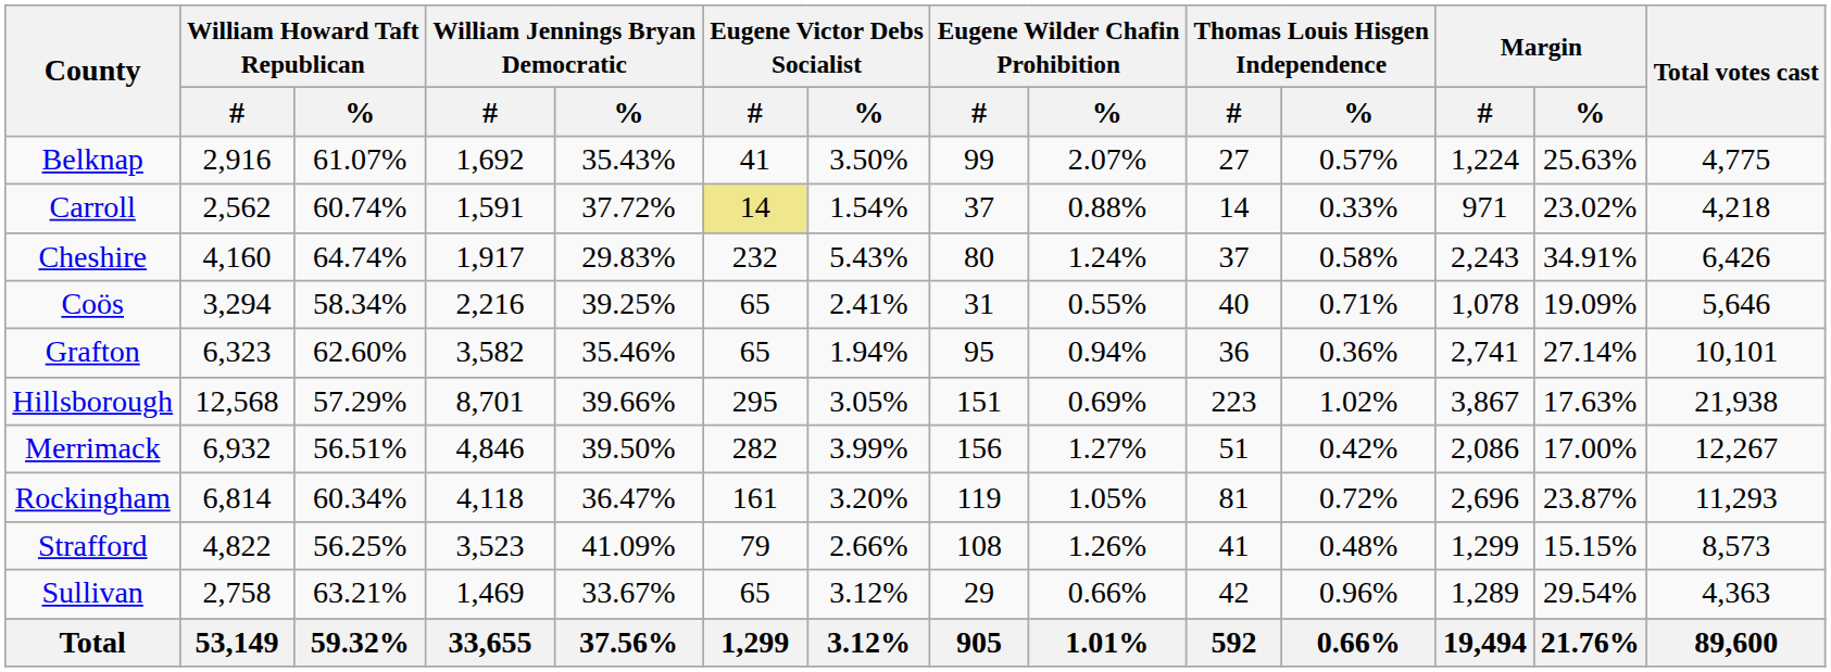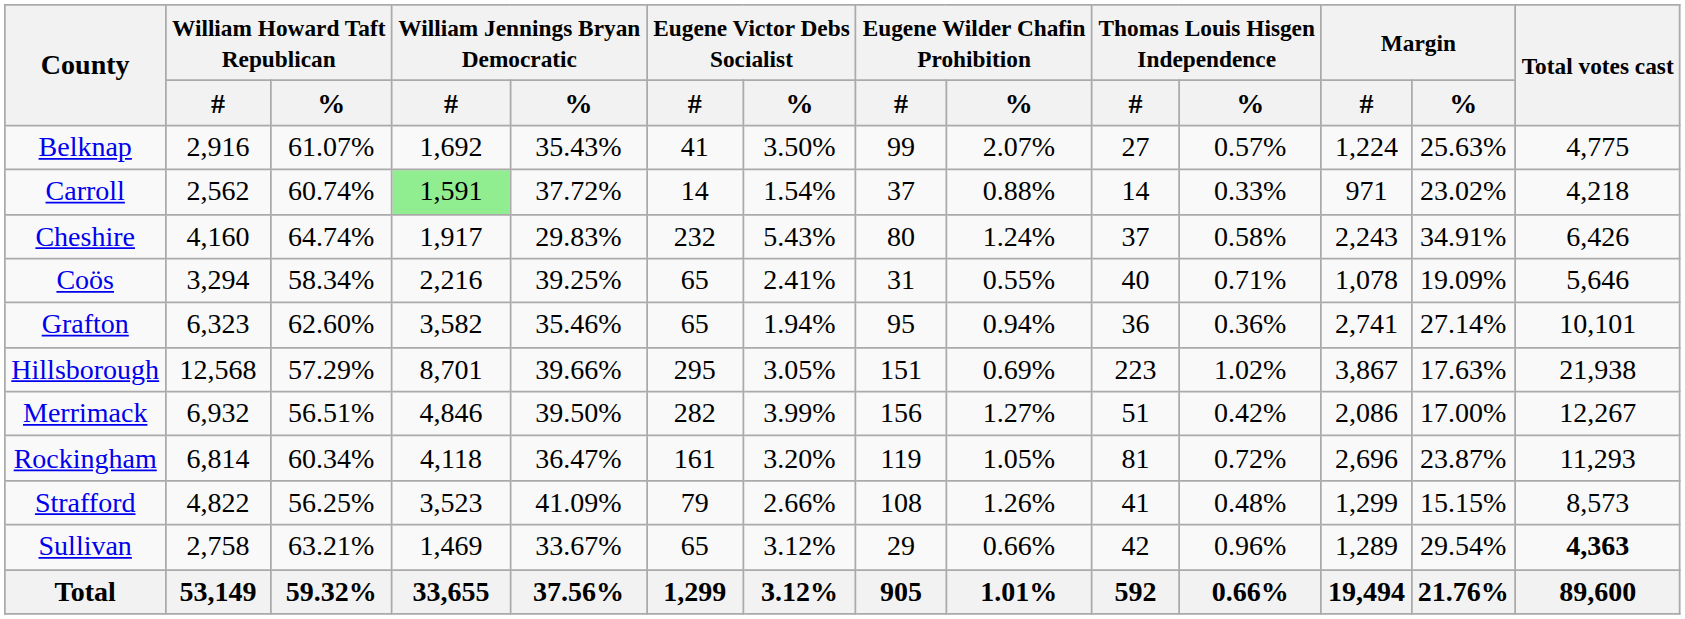 <table class="wikitable sortable">
 <tr>
 <th rowspan="2">County</th>
 <th colspan="2"><small>William Howard Taft</small><br><small>Republican</small></th>
 <th colspan="2"><small>William Jennings Bryan</small><br><small>Democratic</small></th>
 <th colspan="2"><small>Eugene Victor Debs<br>Socialist</small></th>
 <th colspan="2"><small>Eugene Wilder Chafin</small><br><small>Prohibition</small></th>
 <th colspan="2"><small>Thomas Louis Hisgen</small><br><small>Independence</small></th>
 <th colspan="2"><small>Margin</small></th>
 <th rowspan="2"><small>Total votes cast</small></th>
 </tr>
 <tr bgcolor="lightgrey">
 <th data-sort-type="number">#</th>
 <th data-sort-type="number">%</th>
 <th data-sort-type="number">#</th>
 <th data-sort-type="number">%</th>
 <th data-sort-type="number">#</th>
 <th data-sort-type="number">%</th>
 <th data-sort-type="number">#</th>
 <th data-sort-type="number">%</th>
 <th data-sort-type="number">#</th>
 <th data-sort-type="number">%</th>
 <th data-sort-type="number">#</th>
 <th data-sort-type="number">%</th>
 </tr>
 <tr style="text-align:center;">
 <td><a href='#'>Belknap</a></td>
 <td>2,916</td>
 <td>61.07%</td>
 <td>1,692</td>
 <td>35.43%</td>
 <td>41</td>
 <td>3.50%</td>
 <td>99</td>
 <td>2.07%</td>
 <td>27</td>
 <td>0.57%</td>
 <td>1,224</td>
 <td>25.63%</td>
 <td>4,775</td>
 </tr>
 <tr style="text-align:center;">
 <td><a href='#'>Carroll</a></td>
 <td>2,562</td>
 <td>60.74%</td>
-<td>1,591</td>
+<td style="background: lightgreen;">1,591</td>
 <td>37.72%</td>
-<td style="background: khaki;">14</td>
+<td>14</td>
 <td>1.54%</td>
 <td>37</td>
 <td>0.88%</td>
 <td>14</td>
 <td>0.33%</td>
 <td>971</td>
 <td>23.02%</td>
 <td>4,218</td>
 </tr>
 <tr style="text-align:center;">
 <td><a href='#'>Cheshire</a></td>
 <td>4,160</td>
 <td>64.74%</td>
 <td>1,917</td>
 <td>29.83%</td>
 <td>232</td>
 <td>5.43%</td>
 <td>80</td>
 <td>1.24%</td>
 <td>37</td>
 <td>0.58%</td>
 <td>2,243</td>
 <td>34.91%</td>
 <td>6,426</td>
 </tr>
 <tr style="text-align:center;">
 <td><a href='#'>Coös</a></td>
 <td>3,294</td>
 <td>58.34%</td>
 <td>2,216</td>
 <td>39.25%</td>
 <td>65</td>
 <td>2.41%</td>
 <td>31</td>
 <td>0.55%</td>
 <td>40</td>
 <td>0.71%</td>
 <td>1,078</td>
 <td>19.09%</td>
 <td>5,646</td>
 </tr>
 <tr style="text-align:center;">
 <td><a href='#'>Grafton</a></td>
 <td>6,323</td>
 <td>62.60%</td>
 <td>3,582</td>
 <td>35.46%</td>
 <td>65</td>
 <td>1.94%</td>
 <td>95</td>
 <td>0.94%</td>
 <td>36</td>
 <td>0.36%</td>
 <td>2,741</td>
 <td>27.14%</td>
 <td>10,101</td>
 </tr>
 <tr style="text-align:center;">
 <td><a href='#'>Hillsborough</a></td>
 <td>12,568</td>
 <td>57.29%</td>
 <td>8,701</td>
 <td>39.66%</td>
 <td>295</td>
 <td>3.05%</td>
 <td>151</td>
 <td>0.69%</td>
 <td>223</td>
 <td>1.02%</td>
 <td>3,867</td>
 <td>17.63%</td>
 <td>21,938</td>
 </tr>
 <tr style="text-align:center;">
 <td><a href='#'>Merrimack</a></td>
 <td>6,932</td>
 <td>56.51%</td>
 <td>4,846</td>
 <td>39.50%</td>
 <td>282</td>
 <td>3.99%</td>
 <td>156</td>
 <td>1.27%</td>
 <td>51</td>
 <td>0.42%</td>
 <td>2,086</td>
 <td>17.00%</td>
 <td>12,267</td>
 </tr>
 <tr style="text-align:center;">
 <td><a href='#'>Rockingham</a></td>
 <td>6,814</td>
 <td>60.34%</td>
 <td>4,118</td>
 <td>36.47%</td>
 <td>161</td>
 <td>3.20%</td>
 <td>119</td>
 <td>1.05%</td>
 <td>81</td>
 <td>0.72%</td>
 <td>2,696</td>
 <td>23.87%</td>
 <td>11,293</td>
 </tr>
 <tr style="text-align:center;">
 <td><a href='#'>Strafford</a></td>
 <td>4,822</td>
 <td>56.25%</td>
 <td>3,523</td>
 <td>41.09%</td>
 <td>79</td>
 <td>2.66%</td>
 <td>108</td>
 <td>1.26%</td>
 <td>41</td>
 <td>0.48%</td>
 <td>1,299</td>
 <td>15.15%</td>
 <td>8,573</td>
 </tr>
 <tr style="text-align:center;">
 <td><a href='#'>Sullivan</a></td>
 <td>2,758</td>
 <td>63.21%</td>
 <td>1,469</td>
 <td>33.67%</td>
 <td>65</td>
 <td>3.12%</td>
 <td>29</td>
 <td>0.66%</td>
 <td>42</td>
 <td>0.96%</td>
 <td>1,289</td>
 <td>29.54%</td>
-<td>4,363</td>
+<td><strong>4,363</strong></td>
 </tr>
 <tr>
 <th>Total</th>
 <th>53,149</th>
 <th>59.32%</th>
 <th>33,655</th>
 <th>37.56%</th>
 <th>1,299</th>
 <th>3.12%</th>
 <th>905</th>
 <th>1.01%</th>
 <th>592</th>
 <th>0.66%</th>
 <th>19,494</th>
 <th>21.76%</th>
 <th>89,600</th>
 </tr>
 </table>
